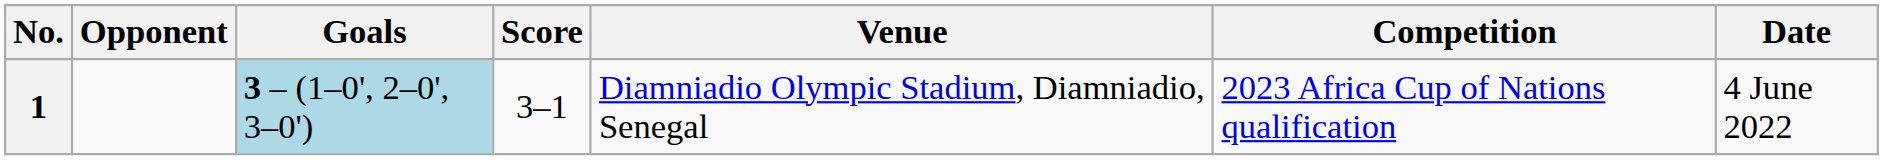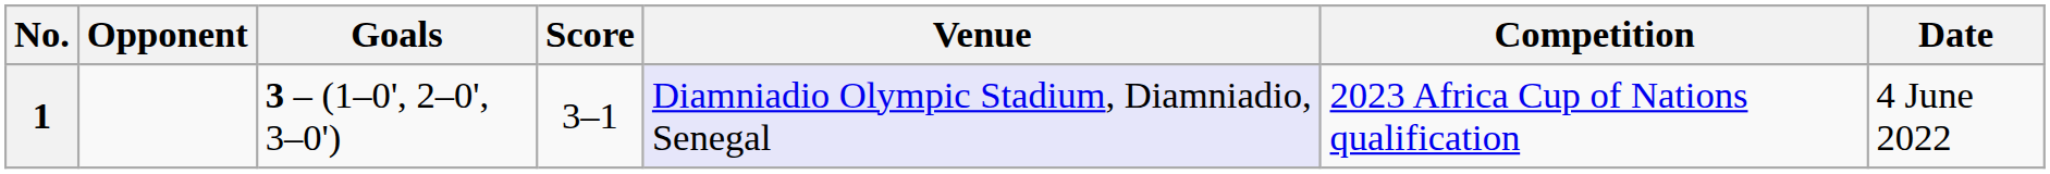 <table class="wikitable">
 <tr>
 <th><abbr>No.</abbr></th>
 <th>Opponent</th>
 <th>Goals</th>
 <th>Score</th>
 <th>Venue</th>
 <th>Competition</th>
 <th>Date</th>
 </tr>
 <tr>
 <th>1</th>
 <td></td>
-<td style="background: lightblue;"><strong>3</strong> – (1–0', 2–0', 3–0')</td>
+<td><strong>3</strong> – (1–0', 2–0', 3–0')</td>
 <td align="center">3–1</td>
-<td><a href='#'>Diamniadio Olympic Stadium</a>, Diamniadio, Senegal</td>
+<td style="background: lavender;"><a href='#'>Diamniadio Olympic Stadium</a>, Diamniadio, Senegal</td>
 <td rowspan="3"><a href='#'>2023 Africa Cup of Nations qualification</a></td>
 <td>4 June 2022</td>
 </tr>
 </table>
